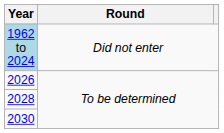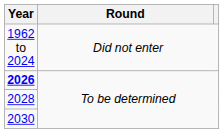 <table class="wikitable" style="text-align: center; font-size:90%">
 <tr>
 <th>Year</th>
 <th style="width:200px">Round</th>
 <th></th>
 </tr>
 <tr>
-<td style="background: lightblue;"><a href='#'>1962</a><br>to<br><a href='#'>2024</a></td>
+<td><a href='#'>1962</a><br>to<br><a href='#'>2024</a></td>
 <td colspan="2"><em>Did not enter</em></td>
 </tr>
 <tr>
-<td><a href='#'>2026</a></td>
+<td><strong><a href='#'>2026</a></strong></td>
 <td colspan="2" rowspan="3"><em>To be determined</em></td>
 </tr>
 <tr>
 <td><a href='#'>2028</a></td>
 </tr>
 <tr>
 <td><a href='#'>2030</a></td>
 </tr>
 </table>
